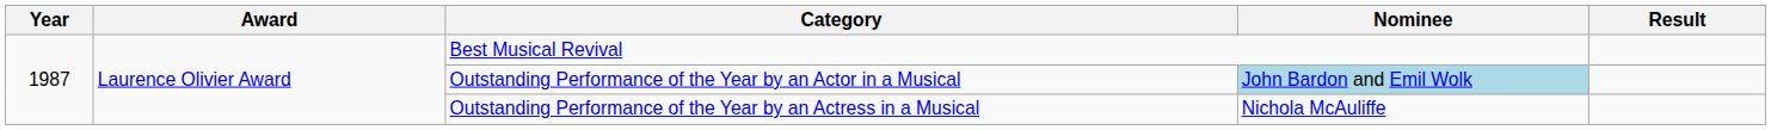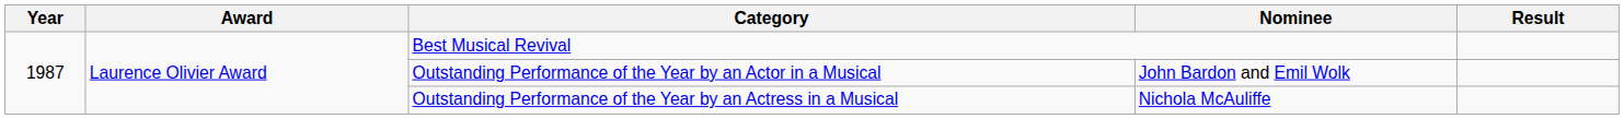 <table class="wikitable" width="95%">
 <tr>
 <th width="5%">Year</th>
 <th width="20%">Award</th>
 <th width="45%">Category</th>
 <th width="20%">Nominee</th>
 <th width="10%">Result</th>
 </tr>
 <tr>
 <td rowspan="3" align="center">1987</td>
 <td rowspan="3"><a href='#'>Laurence Olivier Award</a></td>
 <td colspan="2"><a href='#'>Best Musical Revival</a></td>
 <td></td>
 </tr>
 <tr>
 <td><a href='#'>Outstanding Performance of the Year by an Actor in a Musical</a></td>
-<td style="background: lightblue;"><a href='#'>John Bardon</a> and <a href='#'>Emil Wolk</a></td>
+<td><a href='#'>John Bardon</a> and <a href='#'>Emil Wolk</a></td>
 <td></td>
 </tr>
 <tr>
 <td><a href='#'>Outstanding Performance of the Year by an Actress in a Musical</a></td>
 <td><a href='#'>Nichola McAuliffe</a></td>
 <td></td>
 </tr>
 </table>
